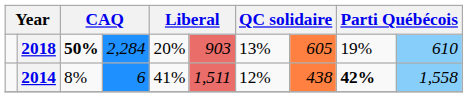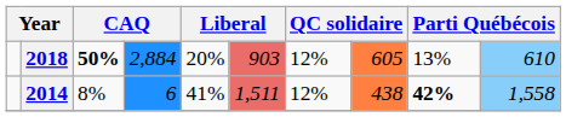 <table class="wikitable" style="float:right; width:400; font-size:90%; margin-left:1em;">
 <tr>
 <th colspan="2" scope="col">Year</th>
 <th colspan="2" scope="col"><a href='#'>CAQ</a></th>
 <th colspan="2" scope="col"><a href='#'>Liberal</a></th>
 <th colspan="2" scope="col"><a href='#'>QC solidaire</a></th>
 <th colspan="2" scope="col"><a href='#'>Parti Québécois</a></th>
 </tr>
 <tr>
 <td style="width: 0.25em; background-color: "></td>
 <th><a href='#'>2018</a></th>
 <td><strong>50%</strong></td>
-<td style="text-align:right; background:#1E90FF;"><em>2,284</em></td>
+<td style="text-align:right; background:#1E90FF;"><em>2,884</em></td>
 <td>20%</td>
 <td style="text-align:right; background:#EA6D6A;"><em>903</em></td>
+<td>12%</td>
+<td style="text-align:right; background:#FF8040;"><em>605</em></td>
 <td>13%</td>
-<td style="text-align:right; background:#FF8040;"><em>605</em></td>
-<td>19%</td>
 <td style="text-align:right; background:#87CEFA;"><em>610</em></td>
 </tr>
 <tr>
 <td style="width: 0.25em; background-color: "></td>
 <th><a href='#'>2014</a></th>
 <td>8%</td>
 <td style="text-align:right; background:#1E90FF;"><em>6</em></td>
 <td>41%</td>
 <td style="text-align:right; background:#EA6D6A;"><em>1,511</em></td>
 <td>12%</td>
 <td style="text-align:right; background:#FF8040;"><em>438</em></td>
 <td><strong>42%</strong></td>
 <td style="text-align:right; background:#87CEFA;"><em>1,558</em></td>
 </tr>
 <tr>
 </tr>
 </table>
